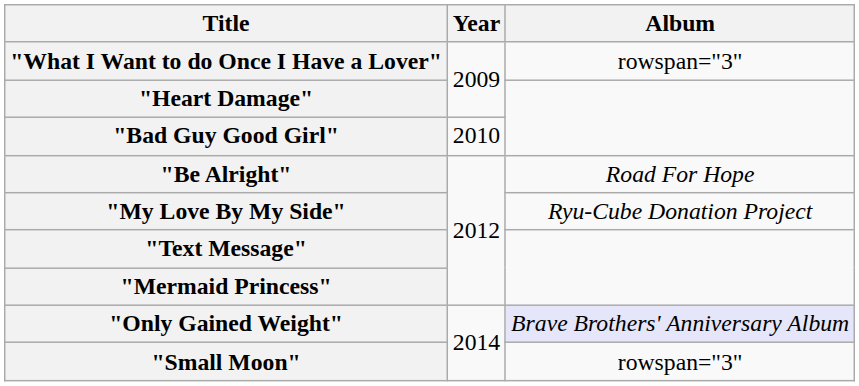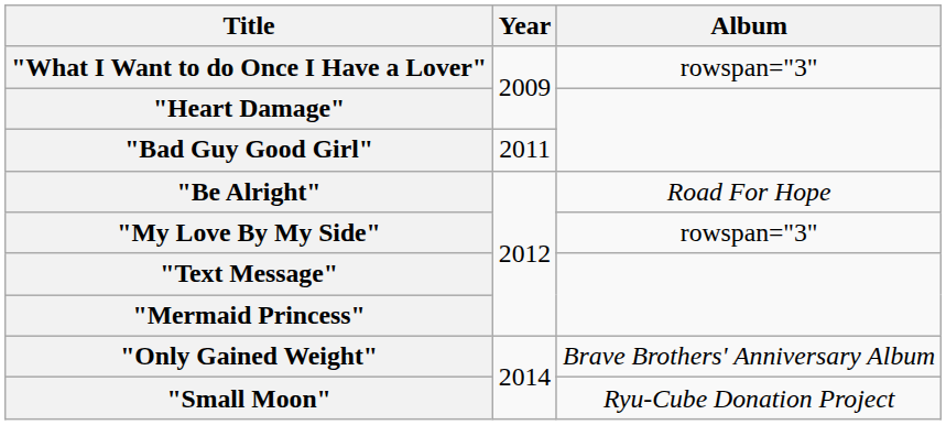 <table class="wikitable plainrowheaders" style="text-align:center">
 <tr>
 <th scope="col">Title</th>
 <th scope="col">Year</th>
 <th scope="col">Album</th>
 </tr>
 <tr>
 <th scope="row">"What I Want to do Once I Have a Lover"<br></th>
 <td rowspan="2">2009</td>
 <td>rowspan="3" </td>
 </tr>
 <tr>
 <th scope="row">"Heart Damage"<br></th>
 </tr>
 <tr>
 <th scope="row">"Bad Guy Good Girl"<br></th>
-<td>2010</td>
+<td>2011</td>
 </tr>
 <tr>
 <th scope="row">"Be Alright"<br></th>
 <td rowspan="4">2012</td>
 <td><em>Road For Hope</em></td>
 </tr>
 <tr>
 <th scope="row">"My Love By My Side"<br></th>
-<td><em>Ryu-Cube Donation Project</em></td>
+<td>rowspan="3" </td>
 </tr>
 <tr>
 <th scope="row">"Text Message"<br></th>
 </tr>
 <tr>
 <th scope="row">"Mermaid Princess"<br></th>
 </tr>
 <tr>
 <th scope="row">"Only Gained Weight"<br></th>
 <td rowspan="2">2014</td>
-<td style="background: lavender;"><em>Brave Brothers' Anniversary Album</em></td>
+<td><em>Brave Brothers' Anniversary Album</em></td>
 </tr>
 <tr>
 <th scope="row">"Small Moon"<br></th>
-<td>rowspan="3" </td>
+<td><em>Ryu-Cube Donation Project</em></td>
 </tr>
 </table>
